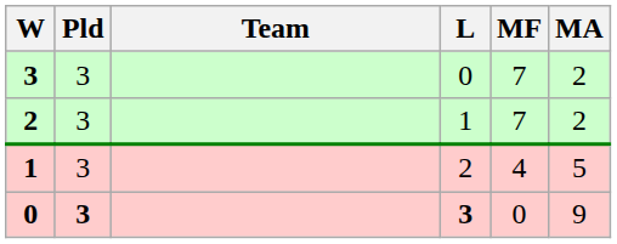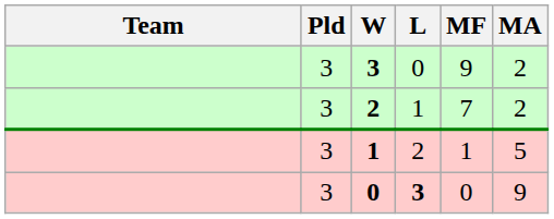 <table class=wikitable style="text-align:center">
 <tr>
+<th width=175>Team</th>
+<th width=20>Pld</th>
 <th width=20>W</th>
-<th width=20>Pld</th>
-<th width=175>Team</th>
 <th width=20>L</th>
 <th width=20>MF</th>
 <th width=20>MA</th>
 </tr>
 <tr bgcolor=ccffcc>
+<td style="text-align:left"></td>
+<td>3</td>
 <td><strong>3</strong></td>
-<td>3</td>
-<td style="text-align:left"></td>
 <td>0</td>
-<td>7</td>
+<td>9</td>
 <td>2</td>
 </tr>
 <tr bgcolor=ccffcc style="border-bottom:2px solid green;">
+<td style="text-align:left"></td>
+<td>3</td>
 <td><strong>2</strong></td>
-<td>3</td>
-<td style="text-align:left"></td>
 <td>1</td>
 <td>7</td>
 <td>2</td>
 </tr>
 <tr bgcolor=ffcccc>
+<td style="text-align:left"></td>
+<td>3</td>
 <td><strong>1</strong></td>
-<td>3</td>
-<td style="text-align:left"></td>
 <td>2</td>
-<td>4</td>
+<td>1</td>
 <td>5</td>
 </tr>
 <tr bgcolor=ffcccc>
+<td style="text-align:left"></td>
+<td>3</td>
 <td><strong>0</strong></td>
-<td><strong>3</strong></td>
-<td style="text-align:left"></td>
 <td><strong>3</strong></td>
 <td>0</td>
 <td>9</td>
 </tr>
 </table>
